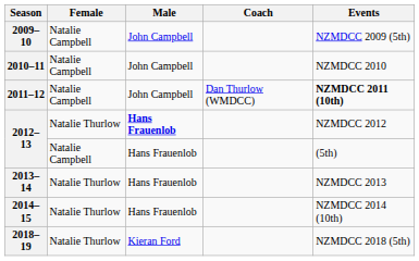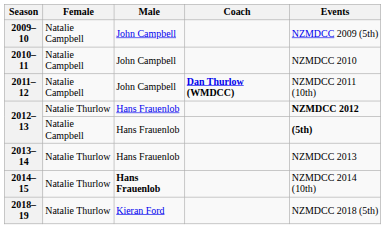 <table class="wikitable">
 <tr>
 <th scope="col">Season</th>
 <th scope="col">Female</th>
 <th scope="col">Male</th>
 <th scope="col">Coach</th>
 <th scope="col">Events</th>
 </tr>
 <tr>
 <th scope="row">2009–10</th>
 <td>Natalie Campbell</td>
 <td><a href='#'>John Campbell</a></td>
 <td></td>
 <td><a href='#'>NZMDCC</a> 2009 (5th)</td>
 </tr>
 <tr>
 <th scope="row">2010–11</th>
 <td>Natalie Campbell</td>
 <td>John Campbell</td>
 <td></td>
 <td>NZMDCC 2010 </td>
 </tr>
 <tr>
 <th scope="row">2011–12</th>
 <td>Natalie Campbell</td>
 <td>John Campbell</td>
-<td><a href='#'>Dan Thurlow</a> (WMDCC)</td>
-<td><strong>NZMDCC 2011 <br> (10th)</strong></td>
+<td><strong><a href='#'>Dan Thurlow</a> (WMDCC)</strong></td>
+<td>NZMDCC 2011 <br> (10th)</td>
 </tr>
 <tr>
 <th scope="row" rowspan="2">2012–13</th>
 <td>Natalie Thurlow</td>
-<td><strong><a href='#'>Hans Frauenlob</a></strong></td>
+<td><a href='#'>Hans Frauenlob</a></td>
 <td></td>
-<td>NZMDCC 2012 </td>
+<td><strong>NZMDCC 2012 </strong></td>
 </tr>
 <tr>
 <td>Natalie Campbell</td>
 <td>Hans Frauenlob</td>
 <td></td>
-<td> (5th)</td>
+<td><strong> (5th)</strong></td>
 </tr>
 <tr>
 <th scope="row">2013–14</th>
 <td>Natalie Thurlow</td>
 <td>Hans Frauenlob</td>
 <td></td>
 <td>NZMDCC 2013 </td>
 </tr>
 <tr>
 <th scope="row">2014–15</th>
 <td>Natalie Thurlow</td>
-<td>Hans Frauenlob</td>
+<td><strong>Hans Frauenlob</strong></td>
 <td></td>
 <td>NZMDCC 2014 (10th)</td>
 </tr>
 <tr>
 <th scope="row">2018–19</th>
 <td>Natalie Thurlow</td>
 <td><a href='#'>Kieran Ford</a></td>
 <td></td>
 <td>NZMDCC 2018 (5th)</td>
 </tr>
 </table>
